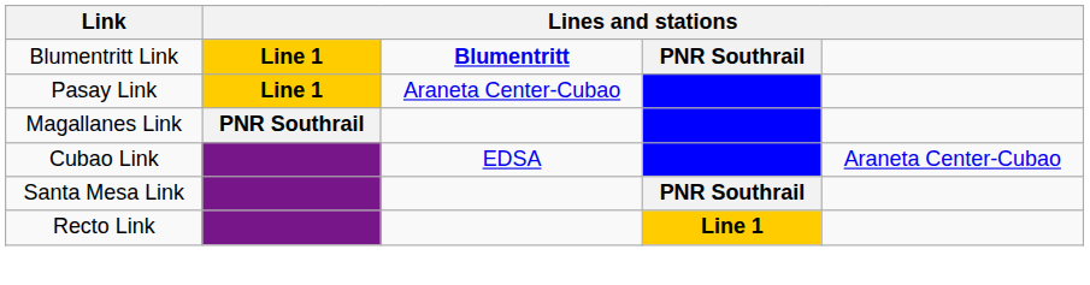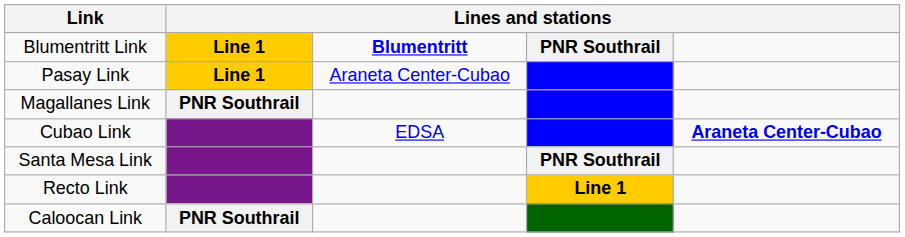 <table class="wikitable" style="margin: 0 auto; text-align:center; width:50em;">
 <tr>
 <th>Link</th>
 <th colspan="4">Lines and stations</th>
 </tr>
 <tr>
 <td style="text-align:center;">Blumentritt Link</td>
 <th style="background:#FFCC00;">Line 1</th>
 <td><strong><a href='#'>Blumentritt</a></strong></td>
 <th style="background:#">PNR Southrail</th>
 <td></td>
 </tr>
 <tr>
 <td style="text-align:center;">Pasay Link</td>
 <th style="background:#FFCC00;">Line 1</th>
 <td><a href='#'>Araneta Center-Cubao</a></td>
 <th style="background:#0000FF;"></th>
 <td></td>
 </tr>
 <tr>
 <td style="text-align:center;">Magallanes Link</td>
 <th style="background:#">PNR Southrail</th>
 <td></td>
 <th style="background:#0000FF;"></th>
 <td></td>
 </tr>
 <tr>
 <td style="text-align:center;">Cubao Link</td>
 <th style="background:#761688;"></th>
 <td><a href='#'>EDSA</a></td>
 <th style="background:#0000FF;"></th>
-<td><a href='#'>Araneta Center-Cubao</a></td>
+<td><strong><a href='#'>Araneta Center-Cubao</a></strong></td>
 </tr>
 <tr>
 <td style="text-align:center;">Santa Mesa Link</td>
 <th style="background:#761688;"></th>
 <td></td>
 <th style="background:#">PNR Southrail</th>
 <td></td>
 </tr>
 <tr>
 <td style="text-align:center;">Recto Link</td>
 <th style="background:#761688;"></th>
 <td></td>
 <th style="background:#FFCC00;">Line 1</th>
 <td></td>
 </tr>
+<tr>
+<td style="text-align:center;">Caloocan Link </td>
+<th style="background:#">PNR Southrail</th>
+<td></td>
+<th style="background:#006400;"></th>
+<td></td>
+</tr>
 </table>
